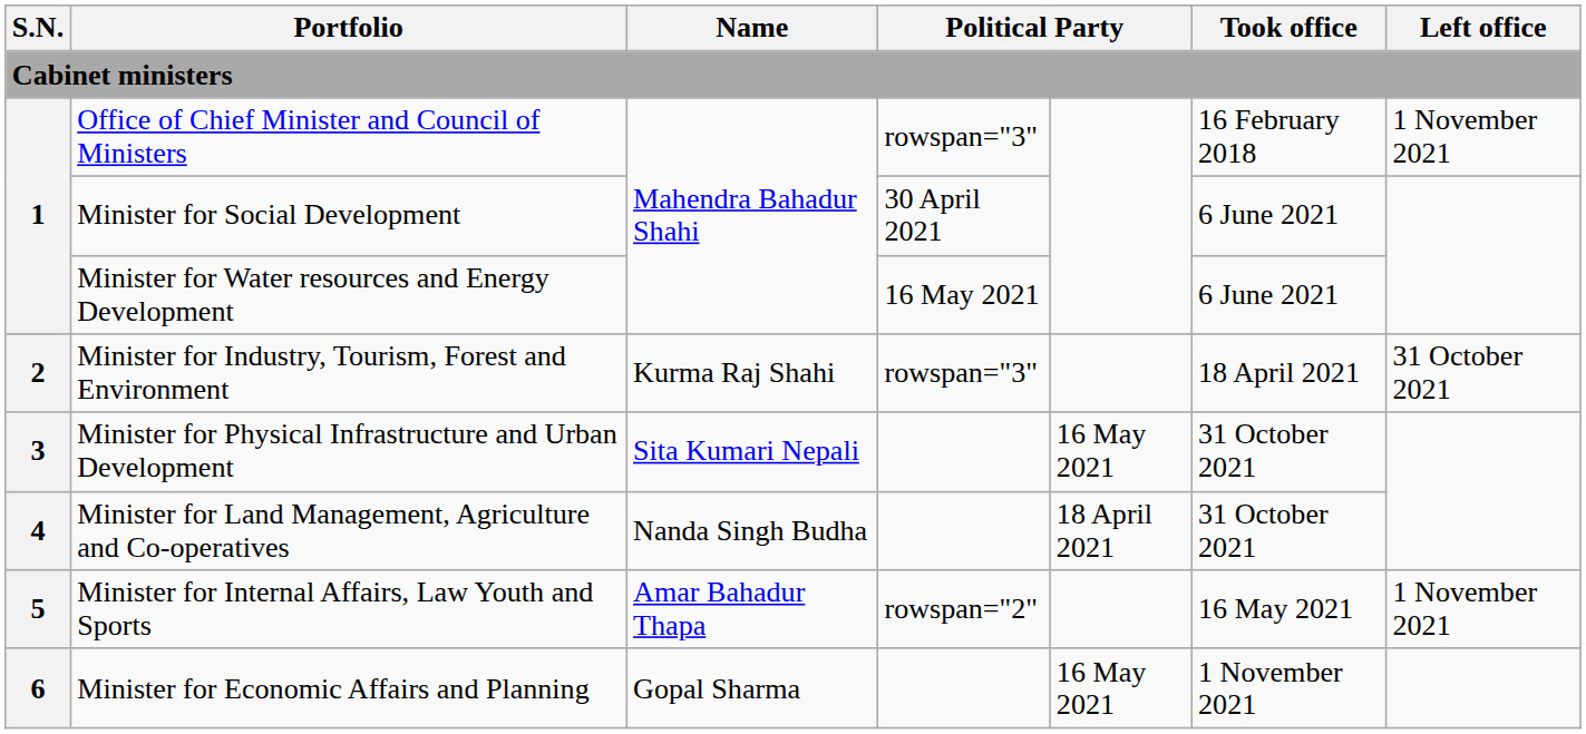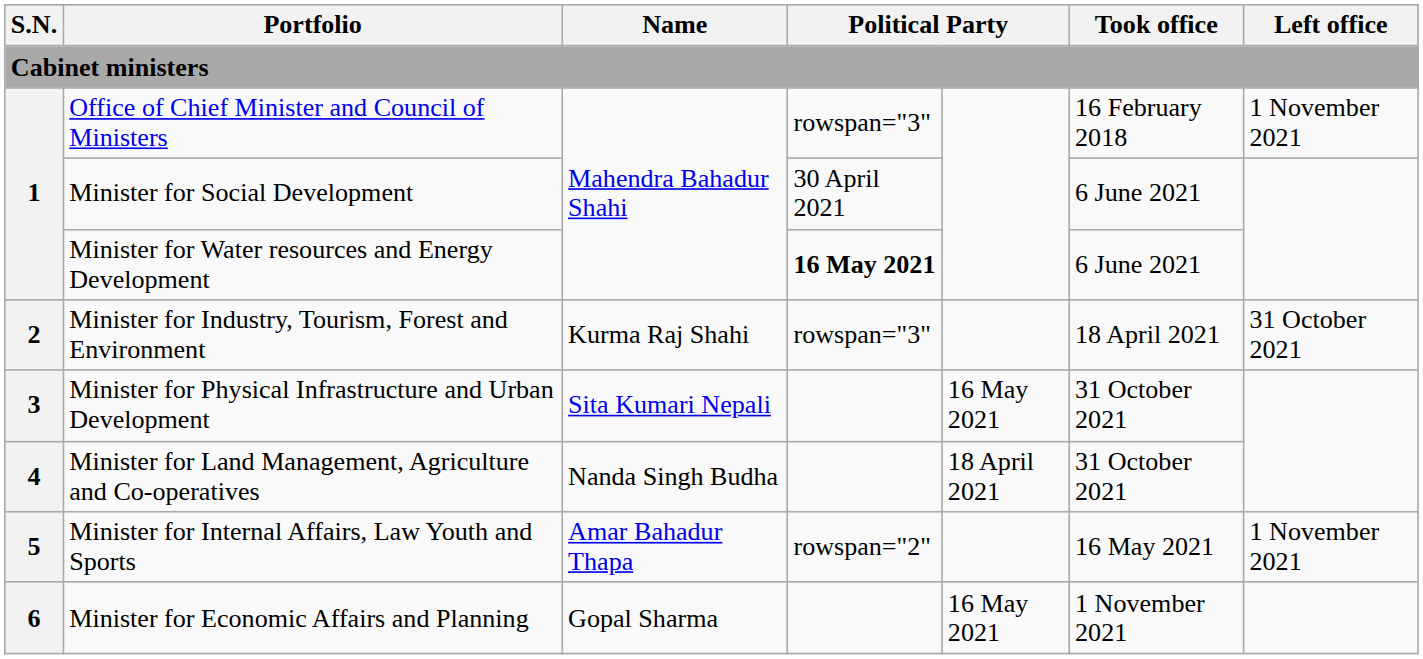 <table class="wikitable">
 <tr>
 <th>S.N.</th>
 <th>Portfolio</th>
 <th>Name<br></th>
 <th colspan="2">Political Party</th>
 <th>Took office</th>
 <th>Left office</th>
 </tr>
 <tr>
 <td colspan="7" bgcolor="darkgrey"><strong>Cabinet ministers</strong></td>
 </tr>
 <tr>
 <th rowspan="3">1</th>
 <td><a href='#'>Office of Chief Minister and Council of Ministers</a></td>
 <td rowspan="3"><a href='#'>Mahendra Bahadur Shahi</a><br></td>
 <td>rowspan="3" </td>
 <td rowspan="3"></td>
 <td>16 February 2018</td>
 <td>1 November 2021</td>
 </tr>
 <tr>
 <td>Minister for Social Development</td>
 <td>30 April 2021</td>
 <td>6 June 2021</td>
 </tr>
 <tr>
 <td>Minister for Water resources and Energy Development</td>
-<td>16 May 2021</td>
+<td><strong>16 May 2021</strong></td>
 <td>6 June 2021</td>
 </tr>
 <tr>
 <th>2</th>
 <td>Minister for Industry, Tourism, Forest and Environment</td>
 <td>Kurma Raj Shahi<br></td>
 <td>rowspan="3" </td>
 <td></td>
 <td>18 April 2021</td>
 <td>31 October 2021</td>
 </tr>
 <tr>
 <th>3</th>
 <td>Minister for Physical Infrastructure and Urban Development</td>
 <td><a href='#'>Sita Kumari Nepali</a></td>
 <td></td>
 <td>16 May 2021</td>
 <td>31 October 2021</td>
 </tr>
 <tr>
 <th>4</th>
 <td>Minister for Land Management, Agriculture and Co-operatives</td>
 <td>Nanda Singh Budha<br></td>
 <td></td>
 <td>18 April 2021</td>
 <td>31 October 2021</td>
 </tr>
 <tr>
 <th>5</th>
 <td>Minister for Internal Affairs, Law Youth and Sports</td>
 <td><a href='#'>Amar Bahadur Thapa</a><br></td>
 <td>rowspan="2" </td>
 <td></td>
 <td>16 May 2021</td>
 <td>1 November 2021</td>
 </tr>
 <tr>
 <th>6</th>
 <td>Minister for Economic Affairs and Planning</td>
 <td>Gopal Sharma<br></td>
 <td></td>
 <td>16 May 2021</td>
 <td>1 November 2021</td>
 </tr>
 </table>
